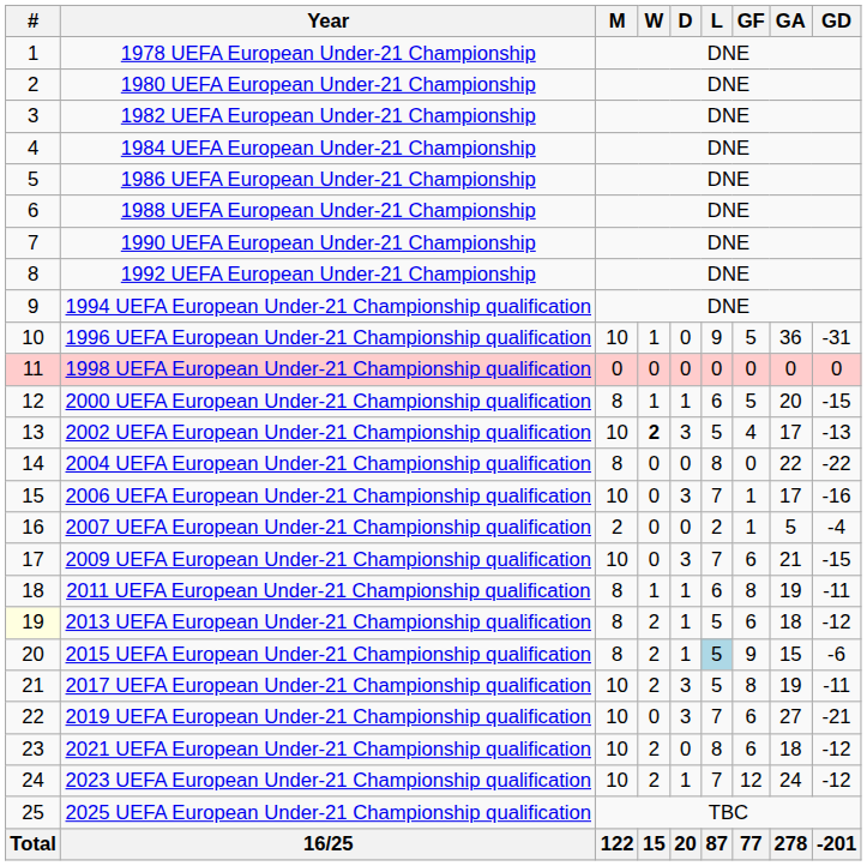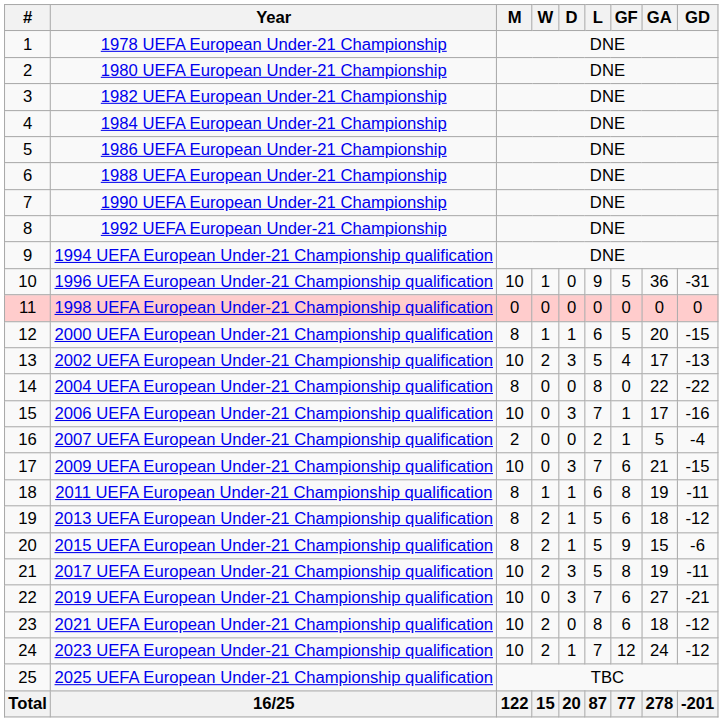 <table class="wikitable sortable" style="text-align:center">
 <tr>
 <th>#</th>
 <th>Year</th>
 <th>M</th>
 <th>W</th>
 <th>D</th>
 <th>L</th>
 <th>GF</th>
 <th>GA</th>
 <th>GD</th>
 </tr>
 <tr>
 <td>1</td>
 <td><a href='#'>1978 UEFA European Under-21 Championship</a></td>
 <td colspan=7>DNE</td>
 </tr>
 <tr>
 <td>2</td>
 <td><a href='#'>1980 UEFA European Under-21 Championship</a></td>
 <td colspan=7>DNE</td>
 </tr>
 <tr>
 <td>3</td>
 <td><a href='#'>1982 UEFA European Under-21 Championship</a></td>
 <td colspan=7>DNE</td>
 </tr>
 <tr>
 <td>4</td>
 <td><a href='#'>1984 UEFA European Under-21 Championship</a></td>
 <td colspan=7>DNE</td>
 </tr>
 <tr>
 <td>5</td>
 <td><a href='#'>1986 UEFA European Under-21 Championship</a></td>
 <td colspan=7>DNE</td>
 </tr>
 <tr>
 <td>6</td>
 <td><a href='#'>1988 UEFA European Under-21 Championship</a></td>
 <td colspan=7>DNE</td>
 </tr>
 <tr>
 <td>7</td>
 <td><a href='#'>1990 UEFA European Under-21 Championship</a></td>
 <td colspan=7>DNE</td>
 </tr>
 <tr>
 <td>8</td>
 <td><a href='#'>1992 UEFA European Under-21 Championship</a></td>
 <td colspan=7>DNE</td>
 </tr>
 <tr>
 <td>9</td>
 <td><a href='#'>1994 UEFA European Under-21 Championship qualification</a></td>
 <td colspan=7>DNE</td>
 </tr>
 <tr>
 <td>10</td>
 <td><a href='#'>1996 UEFA European Under-21 Championship qualification</a></td>
 <td>10</td>
 <td>1</td>
 <td>0</td>
 <td>9</td>
 <td>5</td>
 <td>36</td>
 <td>-31</td>
 </tr>
 <tr bgcolor=#FFCCCC>
 <td>11</td>
 <td><a href='#'>1998 UEFA European Under-21 Championship qualification</a></td>
 <td>0</td>
 <td>0</td>
 <td>0</td>
 <td>0</td>
 <td>0</td>
 <td>0</td>
 <td>0</td>
 </tr>
 <tr>
 <td>12</td>
 <td><a href='#'>2000 UEFA European Under-21 Championship qualification</a></td>
 <td>8</td>
 <td>1</td>
 <td>1</td>
 <td>6</td>
 <td>5</td>
 <td>20</td>
 <td>-15</td>
 </tr>
 <tr>
 <td>13</td>
 <td><a href='#'>2002 UEFA European Under-21 Championship qualification</a></td>
 <td>10</td>
-<td><strong>2</strong></td>
+<td>2</td>
 <td>3</td>
 <td>5</td>
 <td>4</td>
 <td>17</td>
 <td>-13</td>
 </tr>
 <tr>
 <td>14</td>
 <td><a href='#'>2004 UEFA European Under-21 Championship qualification</a></td>
 <td>8</td>
 <td>0</td>
 <td>0</td>
 <td>8</td>
 <td>0</td>
 <td>22</td>
 <td>-22</td>
 </tr>
 <tr>
 <td>15</td>
 <td><a href='#'>2006 UEFA European Under-21 Championship qualification</a></td>
 <td>10</td>
 <td>0</td>
 <td>3</td>
 <td>7</td>
 <td>1</td>
 <td>17</td>
 <td>-16</td>
 </tr>
 <tr>
 <td>16</td>
 <td><a href='#'>2007 UEFA European Under-21 Championship qualification</a></td>
 <td>2</td>
 <td>0</td>
 <td>0</td>
 <td>2</td>
 <td>1</td>
 <td>5</td>
 <td>-4</td>
 </tr>
 <tr>
 <td>17</td>
 <td><a href='#'>2009 UEFA European Under-21 Championship qualification</a></td>
 <td>10</td>
 <td>0</td>
 <td>3</td>
 <td>7</td>
 <td>6</td>
 <td>21</td>
 <td>-15</td>
 </tr>
 <tr>
 <td>18</td>
 <td><a href='#'>2011 UEFA European Under-21 Championship qualification</a></td>
 <td>8</td>
 <td>1</td>
 <td>1</td>
 <td>6</td>
 <td>8</td>
 <td>19</td>
 <td>-11</td>
 </tr>
 <tr>
-<td style="background: lightyellow;">19</td>
+<td>19</td>
 <td><a href='#'>2013 UEFA European Under-21 Championship qualification</a></td>
 <td>8</td>
 <td>2</td>
 <td>1</td>
 <td>5</td>
 <td>6</td>
 <td>18</td>
 <td>-12</td>
 </tr>
 <tr>
 <td>20</td>
 <td><a href='#'>2015 UEFA European Under-21 Championship qualification</a></td>
 <td>8</td>
 <td>2</td>
 <td>1</td>
-<td style="background: lightblue;">5</td>
+<td>5</td>
 <td>9</td>
 <td>15</td>
 <td>-6</td>
 </tr>
 <tr>
 <td>21</td>
 <td><a href='#'>2017 UEFA European Under-21 Championship qualification</a></td>
 <td>10</td>
 <td>2</td>
 <td>3</td>
 <td>5</td>
 <td>8</td>
 <td>19</td>
 <td>-11</td>
 </tr>
 <tr>
 <td>22</td>
 <td><a href='#'>2019 UEFA European Under-21 Championship qualification</a></td>
 <td>10</td>
 <td>0</td>
 <td>3</td>
 <td>7</td>
 <td>6</td>
 <td>27</td>
 <td>-21</td>
 </tr>
 <tr>
 <td>23</td>
 <td><a href='#'>2021 UEFA European Under-21 Championship qualification</a></td>
 <td>10</td>
 <td>2</td>
 <td>0</td>
 <td>8</td>
 <td>6</td>
 <td>18</td>
 <td>-12</td>
 </tr>
 <tr>
 <td>24</td>
 <td><a href='#'>2023 UEFA European Under-21 Championship qualification</a></td>
 <td>10</td>
 <td>2</td>
 <td>1</td>
 <td>7</td>
 <td>12</td>
 <td>24</td>
 <td>-12</td>
 </tr>
 <tr>
 <td>25</td>
 <td><a href='#'>2025 UEFA European Under-21 Championship qualification</a></td>
 <td colspan=7>TBC</td>
 </tr>
 <tr>
 <th><strong>Total</strong></th>
 <th>16/25</th>
 <th>122</th>
 <th>15</th>
 <th>20</th>
 <th>87</th>
 <th>77</th>
 <th>278</th>
 <th>-201</th>
 </tr>
 </table>
